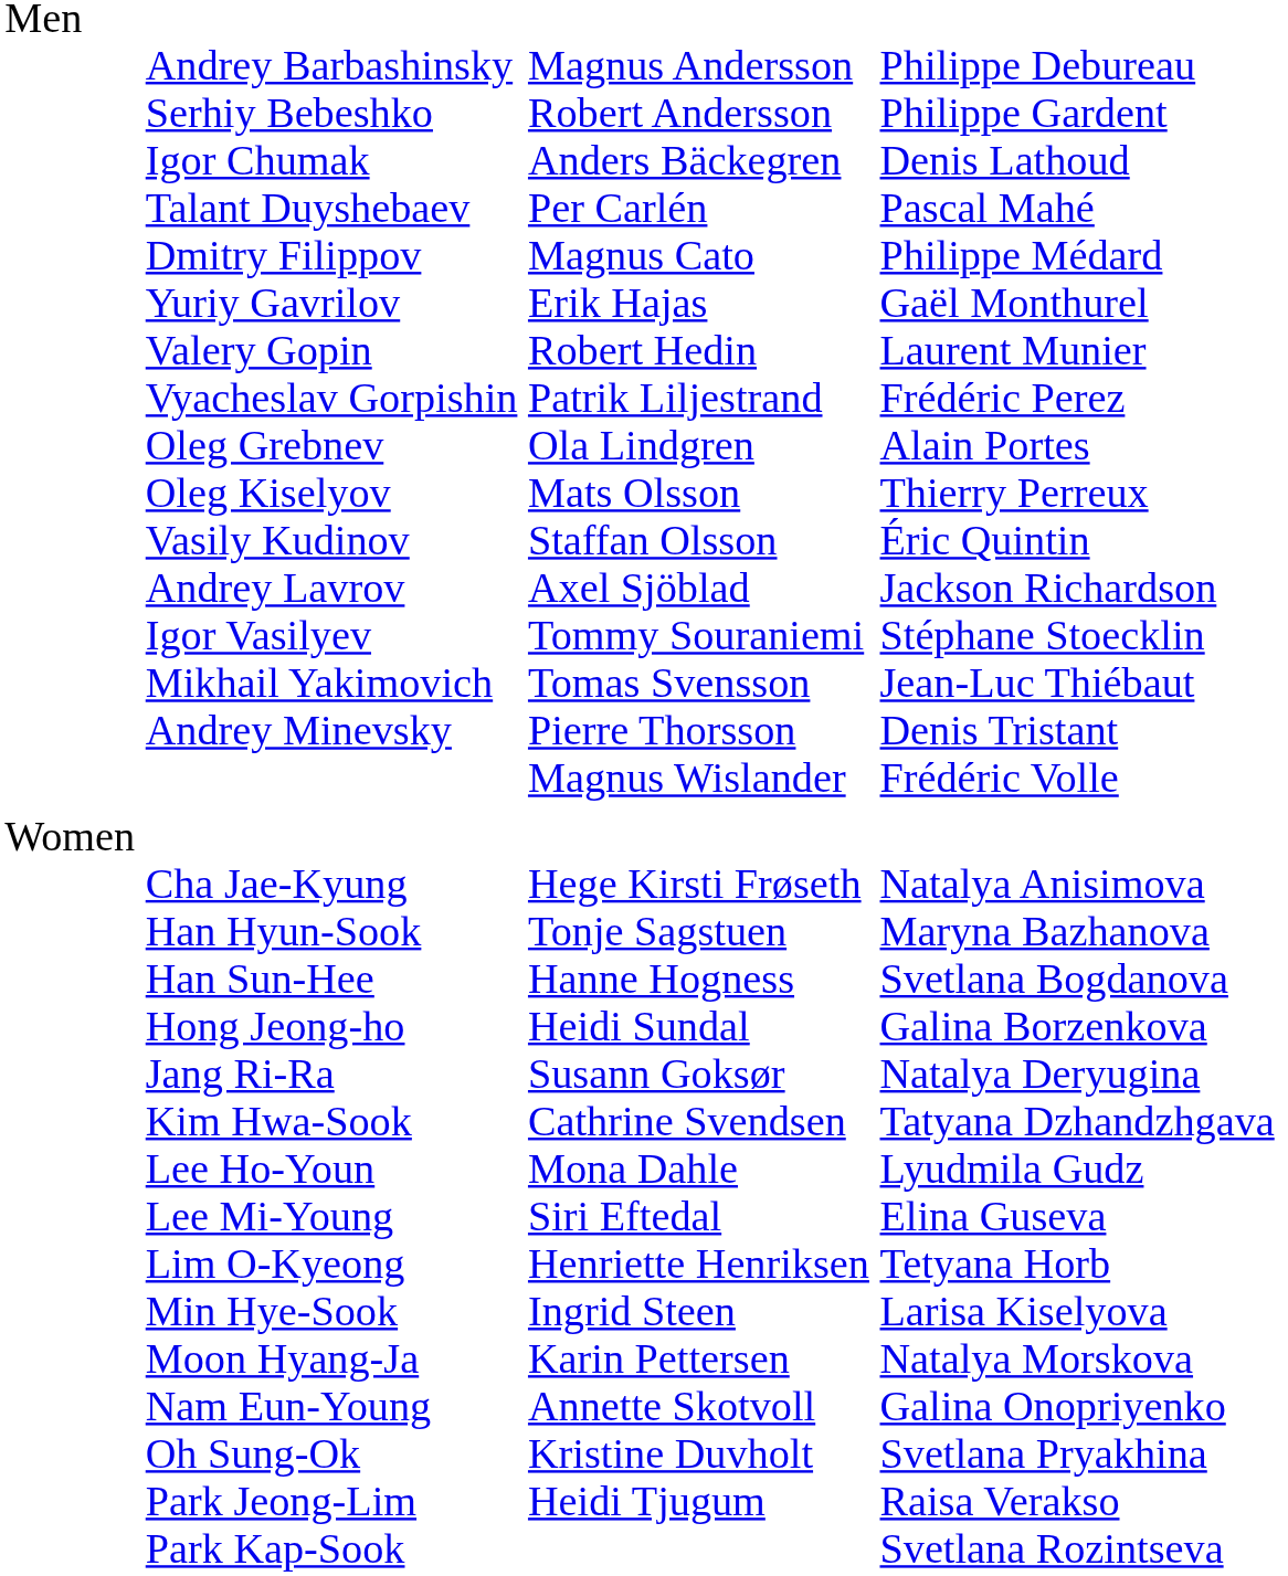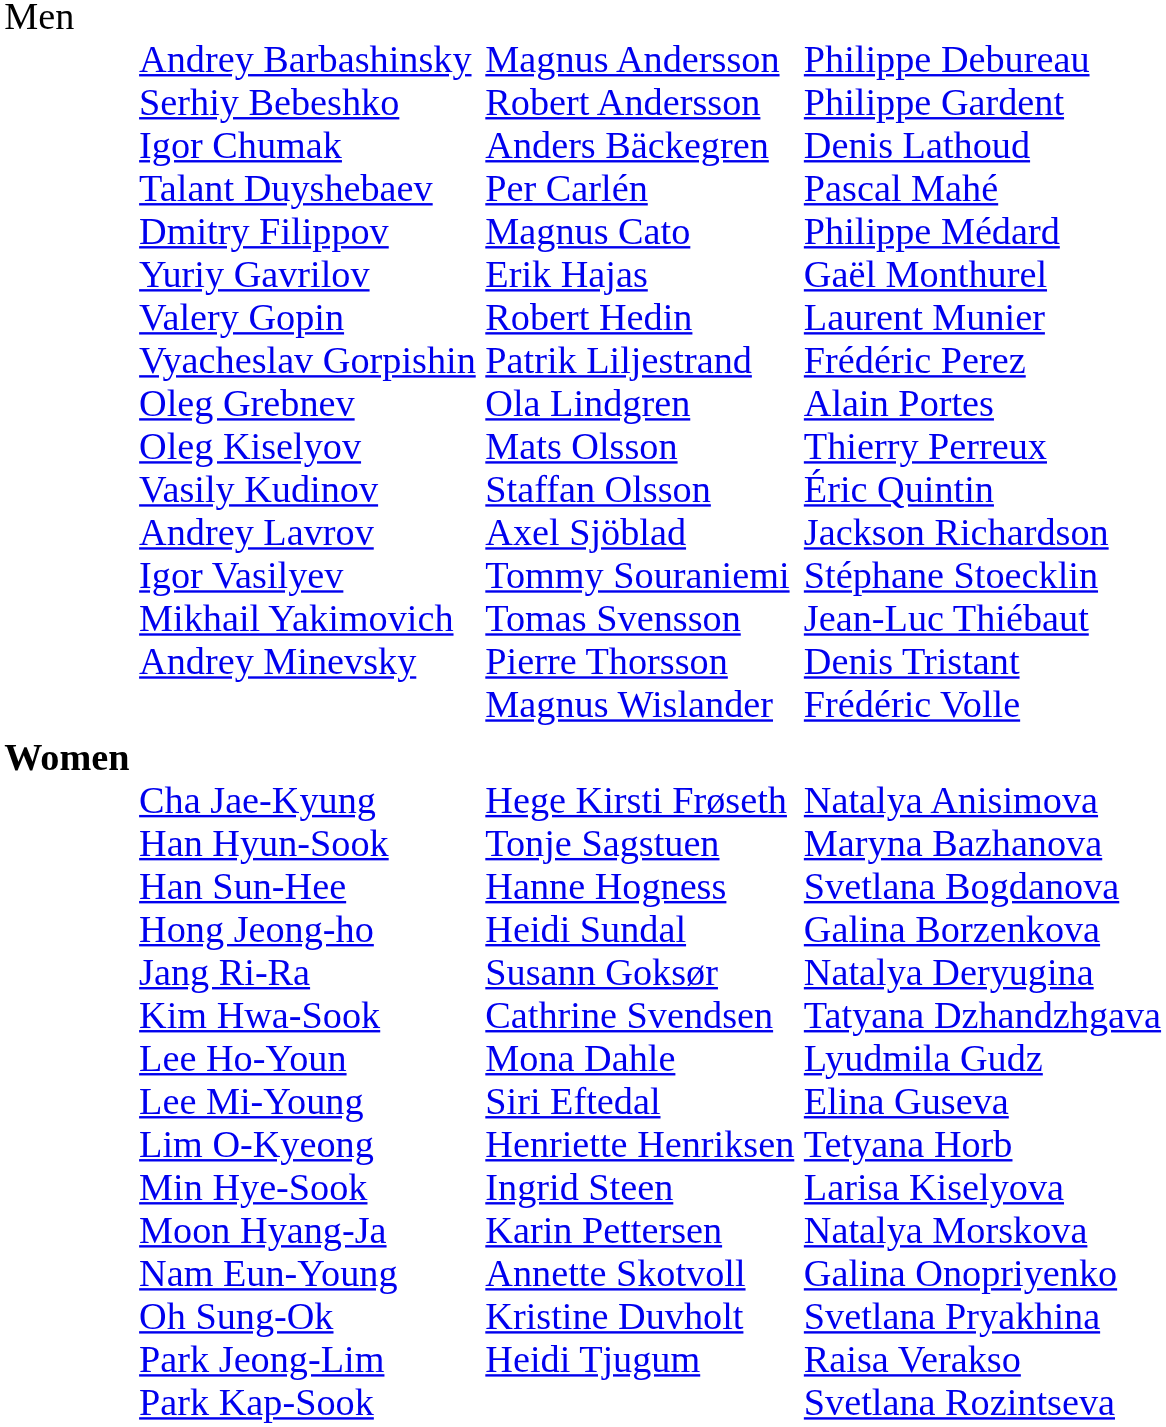 <table>
 <tr valign="top">
 <td>Men <br></td>
 <td valign=top><br><a href='#'>Andrey Barbashinsky</a><br><a href='#'>Serhiy Bebeshko</a><br><a href='#'>Igor Chumak</a><br><a href='#'>Talant Duyshebaev</a><br><a href='#'>Dmitry Filippov</a><br><a href='#'>Yuriy Gavrilov</a><br><a href='#'>Valery Gopin</a><br><a href='#'>Vyacheslav Gorpishin</a><br><a href='#'>Oleg Grebnev</a><br><a href='#'>Oleg Kiselyov</a><br><a href='#'>Vasily Kudinov</a><br><a href='#'>Andrey Lavrov</a><br><a href='#'>Igor Vasilyev</a><br><a href='#'>Mikhail Yakimovich</a><br><a href='#'>Andrey Minevsky</a></td>
 <td><br><a href='#'>Magnus Andersson</a><br><a href='#'>Robert Andersson</a><br><a href='#'>Anders Bäckegren</a><br><a href='#'>Per Carlén</a><br><a href='#'>Magnus Cato</a><br><a href='#'>Erik Hajas</a><br><a href='#'>Robert Hedin</a><br><a href='#'>Patrik Liljestrand</a><br><a href='#'>Ola Lindgren</a><br><a href='#'>Mats Olsson</a><br><a href='#'>Staffan Olsson</a><br><a href='#'>Axel Sjöblad</a><br><a href='#'>Tommy Souraniemi</a><br><a href='#'>Tomas Svensson</a><br><a href='#'>Pierre Thorsson</a><br><a href='#'>Magnus Wislander</a></td>
 <td><br><a href='#'>Philippe Debureau</a><br><a href='#'>Philippe Gardent</a><br><a href='#'>Denis Lathoud</a><br><a href='#'>Pascal Mahé</a><br><a href='#'>Philippe Médard</a><br><a href='#'>Gaël Monthurel</a><br><a href='#'>Laurent Munier</a><br><a href='#'>Frédéric Perez</a><br><a href='#'>Alain Portes</a><br><a href='#'>Thierry Perreux</a><br><a href='#'>Éric Quintin</a><br><a href='#'>Jackson Richardson</a><br><a href='#'>Stéphane Stoecklin</a><br><a href='#'>Jean-Luc Thiébaut</a><br><a href='#'>Denis Tristant</a><br><a href='#'>Frédéric Volle</a></td>
 </tr>
 <tr valign="top">
-<td>Women <br></td>
+<td><strong>Women <br></strong></td>
 <td><br><a href='#'>Cha Jae-Kyung</a><br><a href='#'>Han Hyun-Sook</a><br><a href='#'>Han Sun-Hee</a><br><a href='#'>Hong Jeong-ho</a><br><a href='#'>Jang Ri-Ra</a><br><a href='#'>Kim Hwa-Sook</a><br><a href='#'>Lee Ho-Youn</a><br><a href='#'>Lee Mi-Young</a><br><a href='#'>Lim O-Kyeong</a><br><a href='#'>Min Hye-Sook</a><br><a href='#'>Moon Hyang-Ja</a><br><a href='#'>Nam Eun-Young</a><br><a href='#'>Oh Sung-Ok</a><br><a href='#'>Park Jeong-Lim</a><br><a href='#'>Park Kap-Sook</a></td>
 <td valign=top><br><a href='#'>Hege Kirsti Frøseth</a><br><a href='#'>Tonje Sagstuen</a><br><a href='#'>Hanne Hogness</a><br><a href='#'>Heidi Sundal</a><br><a href='#'>Susann Goksør</a><br><a href='#'>Cathrine Svendsen</a><br><a href='#'>Mona Dahle</a><br><a href='#'>Siri Eftedal</a><br><a href='#'>Henriette Henriksen</a><br><a href='#'>Ingrid Steen</a><br><a href='#'>Karin Pettersen</a><br><a href='#'>Annette Skotvoll</a><br><a href='#'>Kristine Duvholt</a><br><a href='#'>Heidi Tjugum</a></td>
 <td valign=top><br><a href='#'>Natalya Anisimova</a><br><a href='#'>Maryna Bazhanova</a><br><a href='#'>Svetlana Bogdanova</a><br><a href='#'>Galina Borzenkova</a><br><a href='#'>Natalya Deryugina</a><br><a href='#'>Tatyana Dzhandzhgava</a><br><a href='#'>Lyudmila Gudz</a><br><a href='#'>Elina Guseva</a><br><a href='#'>Tetyana Horb</a><br><a href='#'>Larisa Kiselyova</a><br><a href='#'>Natalya Morskova</a><br><a href='#'>Galina Onopriyenko</a><br><a href='#'>Svetlana Pryakhina</a><br><a href='#'>Raisa Verakso</a><br><a href='#'>Svetlana Rozintseva</a></td>
 </tr>
 </table>
